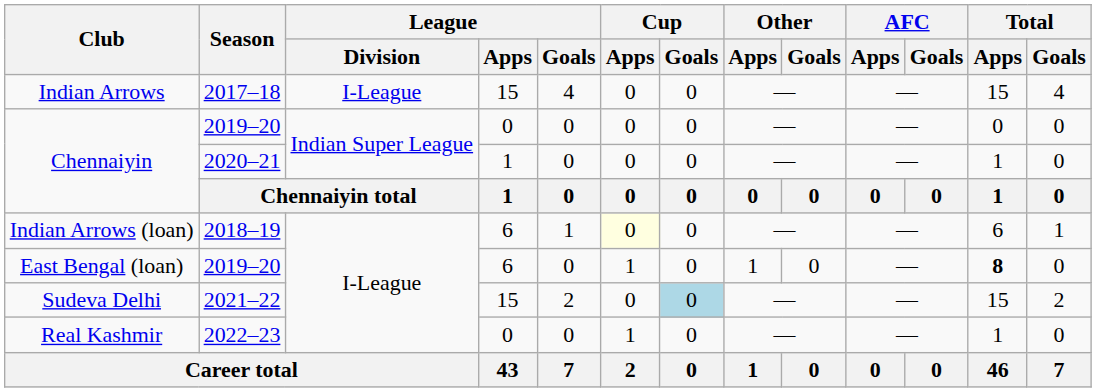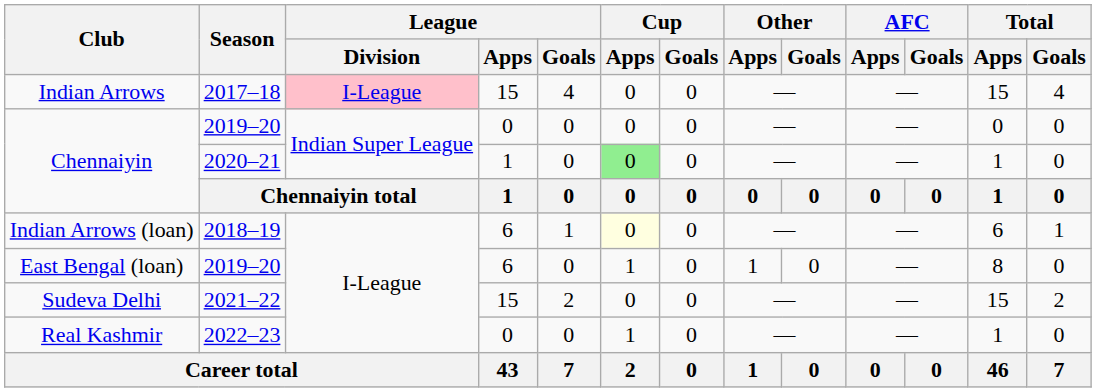 <table class="wikitable" style="text-align: center;">
 <tr>
 <th rowspan="2">Club</th>
 <th rowspan="2">Season</th>
 <th colspan="3">League</th>
 <th colspan="2">Cup</th>
 <th colspan="2">Other</th>
 <th colspan="2"><a href='#'>AFC</a></th>
 <th colspan="2">Total</th>
 </tr>
 <tr>
 <th>Division</th>
 <th>Apps</th>
 <th>Goals</th>
 <th>Apps</th>
 <th>Goals</th>
 <th>Apps</th>
 <th>Goals</th>
 <th>Apps</th>
 <th>Goals</th>
 <th>Apps</th>
 <th>Goals</th>
 </tr>
 <tr>
 <td rowspan="1"><a href='#'>Indian Arrows</a></td>
 <td><a href='#'>2017–18</a></td>
-<td rowspan="1"><a href='#'>I-League</a></td>
+<td rowspan="1" style="background: pink;"><a href='#'>I-League</a></td>
 <td>15</td>
 <td>4</td>
 <td>0</td>
 <td>0</td>
 <td colspan="2">—</td>
 <td colspan="2">—</td>
 <td>15</td>
 <td>4</td>
 </tr>
 <tr>
 <td rowspan="3"><a href='#'>Chennaiyin</a></td>
 <td><a href='#'>2019–20</a></td>
 <td rowspan="2"><a href='#'>Indian Super League</a></td>
 <td>0</td>
 <td>0</td>
 <td>0</td>
 <td>0</td>
 <td colspan="2">—</td>
 <td colspan="2">—</td>
 <td>0</td>
 <td>0</td>
 </tr>
 <tr>
 <td><a href='#'>2020–21</a></td>
 <td>1</td>
 <td>0</td>
-<td>0</td>
+<td style="background: lightgreen;">0</td>
 <td>0</td>
 <td colspan="2">—</td>
 <td colspan="2">—</td>
 <td>1</td>
 <td>0</td>
 </tr>
 <tr>
 <th colspan="2">Chennaiyin total</th>
 <th>1</th>
 <th>0</th>
 <th>0</th>
 <th>0</th>
 <th>0</th>
 <th>0</th>
 <th>0</th>
 <th>0</th>
 <th>1</th>
 <th>0</th>
 </tr>
 <tr>
 <td rowspan="1"><a href='#'>Indian Arrows</a> (loan)</td>
 <td><a href='#'>2018–19</a></td>
 <td rowspan="4">I-League</td>
 <td>6</td>
 <td>1</td>
 <td style="background: lightyellow;">0</td>
 <td>0</td>
 <td colspan="2">—</td>
 <td colspan="2">—</td>
 <td>6</td>
 <td>1</td>
 </tr>
 <tr>
 <td rowspan="1"><a href='#'>East Bengal</a> (loan)</td>
 <td><a href='#'>2019–20</a></td>
 <td>6</td>
 <td>0</td>
 <td>1</td>
 <td>0</td>
 <td>1</td>
 <td>0</td>
 <td colspan="2">—</td>
-<td><strong>8</strong></td>
+<td>8</td>
 <td>0</td>
 </tr>
 <tr>
 <td rowspan="1"><a href='#'>Sudeva Delhi</a></td>
 <td><a href='#'>2021–22</a></td>
 <td>15</td>
 <td>2</td>
 <td>0</td>
-<td style="background: lightblue;">0</td>
+<td>0</td>
 <td colspan="2">—</td>
 <td colspan="2">—</td>
 <td>15</td>
 <td>2</td>
 </tr>
 <tr>
 <td rowspan="1"><a href='#'>Real Kashmir</a></td>
 <td><a href='#'>2022–23</a></td>
 <td>0</td>
 <td>0</td>
 <td>1</td>
 <td>0</td>
 <td colspan="2">—</td>
 <td colspan="2">—</td>
 <td>1</td>
 <td>0</td>
 </tr>
 <tr>
 <th colspan="3">Career total</th>
 <th>43</th>
 <th>7</th>
 <th>2</th>
 <th>0</th>
 <th>1</th>
 <th>0</th>
 <th>0</th>
 <th>0</th>
 <th>46</th>
 <th>7</th>
 </tr>
 </table>
